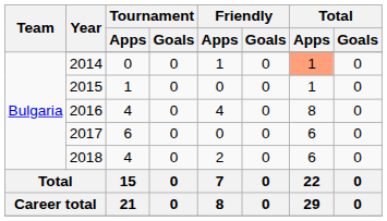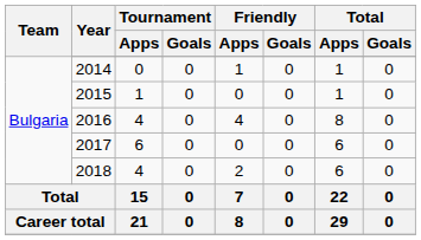 <table class="wikitable" style="text-align:center">
 <tr>
 <th rowspan="2">Team</th>
 <th rowspan="2">Year</th>
 <th colspan="2">Tournament</th>
 <th colspan="2">Friendly</th>
 <th colspan="2">Total</th>
 </tr>
 <tr>
 <th>Apps</th>
 <th>Goals</th>
 <th>Apps</th>
 <th>Goals</th>
 <th>Apps</th>
 <th>Goals</th>
 </tr>
 <tr>
 <td rowspan="6"><a href='#'>Bulgaria</a></td>
 </tr>
 <tr>
 <td>2014</td>
 <td>0</td>
 <td>0</td>
 <td>1</td>
 <td>0</td>
-<td style="background: lightsalmon;">1</td>
+<td>1</td>
 <td>0</td>
 </tr>
 <tr>
 <td>2015</td>
 <td>1</td>
 <td>0</td>
 <td>0</td>
 <td>0</td>
 <td>1</td>
 <td>0</td>
 </tr>
 <tr>
 <td>2016</td>
 <td>4</td>
 <td>0</td>
 <td>4</td>
 <td>0</td>
 <td>8</td>
 <td>0</td>
 </tr>
 <tr>
 <td>2017</td>
 <td>6</td>
 <td>0</td>
 <td>0</td>
 <td>0</td>
 <td>6</td>
 <td>0</td>
 </tr>
 <tr>
 <td>2018</td>
 <td>4</td>
 <td>0</td>
 <td>2</td>
 <td>0</td>
 <td>6</td>
 <td>0</td>
 </tr>
 <tr>
 <th colspan="2">Total</th>
 <th>15</th>
 <th>0</th>
 <th>7</th>
 <th>0</th>
 <th>22</th>
 <th>0</th>
 </tr>
 <tr>
 <th colspan="2">Career total</th>
 <th>21</th>
 <th>0</th>
 <th>8</th>
 <th>0</th>
 <th>29</th>
 <th>0</th>
 </tr>
 <tr>
 </tr>
 </table>
